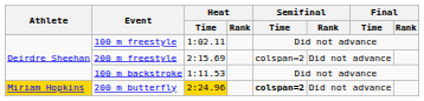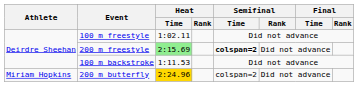 <table class=wikitable style="font-size:90%;">
 <tr>
 <th rowspan=2>Athlete</th>
 <th rowspan=2>Event</th>
 <th colspan=2>Heat</th>
 <th colspan=2>Semifinal</th>
 <th colspan=2>Final</th>
 </tr>
 <tr style="font-size:95%">
 <th>Time</th>
 <th>Rank</th>
 <th>Time</th>
 <th>Rank</th>
 <th>Time</th>
 <th>Rank</th>
 </tr>
 <tr align=center>
 <td rowspan=3 align=left><a href='#'>Deirdre Sheehan</a></td>
 <td align=left><a href='#'>100 m freestyle</a></td>
 <td>1:02.11</td>
 <td></td>
 <td colspan=4>Did not advance</td>
 </tr>
 <tr align=center>
 <td align=left><a href='#'>200 m freestyle</a></td>
-<td>2:15.69</td>
+<td style="background: lightgreen;">2:15.69</td>
 <td></td>
-<td>colspan=2 </td>
+<td><strong>colspan=2 </strong></td>
 <td colspan=2>Did not advance</td>
 </tr>
 <tr align=center>
 <td align=left><a href='#'>100 m backstroke</a></td>
 <td>1:11.53</td>
 <td></td>
 <td colspan=4>Did not advance</td>
 </tr>
 <tr align=center>
-<td align=left style="background: gold;"><a href='#'>Miriam Hopkins</a></td>
+<td align=left><a href='#'>Miriam Hopkins</a></td>
 <td align=left><a href='#'>200 m butterfly</a></td>
 <td style="background: gold;">2:24.96</td>
 <td></td>
-<td><strong>colspan=2 </strong></td>
+<td>colspan=2 </td>
 <td colspan=2>Did not advance</td>
 </tr>
 </table>
